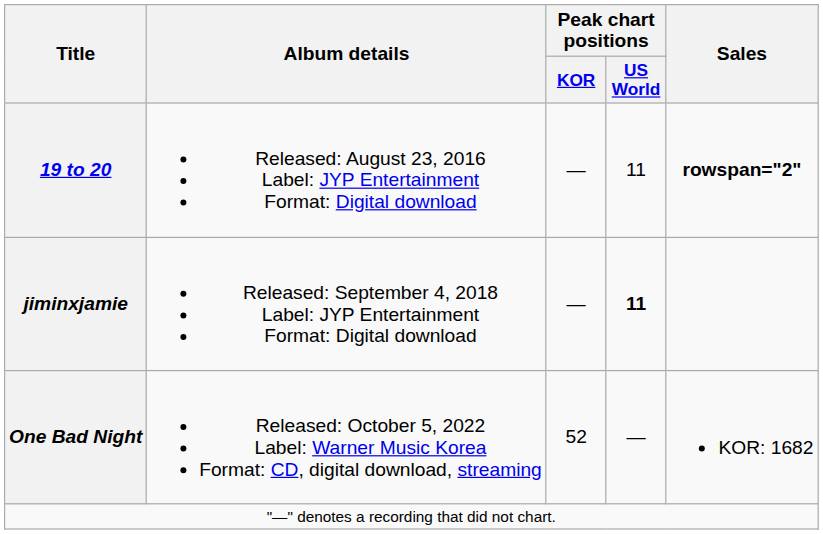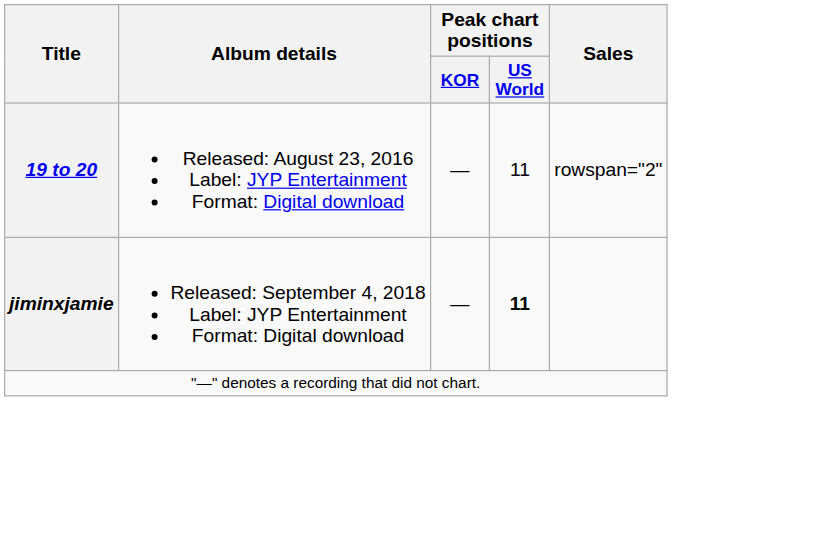 <table class="wikitable plainrowheaders" style="text-align:center;">
 <tr>
 <th scope="col" rowspan="2">Title</th>
 <th scope="col" rowspan="2">Album details</th>
 <th colspan="2" scope="col" style="width:5em;">Peak chart positions</th>
 <th scope="col" rowspan="2">Sales</th>
 </tr>
 <tr>
 <th scope="col" style="width:3em;font-size:90%;"><a href='#'>KOR</a><br></th>
 <th scope="col" style="width:3em;font-size:90%;"><a href='#'>US World</a><br></th>
 </tr>
 <tr>
 <th scope="row"><em><a href='#'>19 to 20</a></em></th>
 <td><br><ul><li>Released: August 23, 2016</li><li>Label: <a href='#'>JYP Entertainment</a></li><li>Format: <a href='#'>Digital download</a></li></ul></td>
 <td>—</td>
 <td>11</td>
-<td><strong>rowspan="2" </strong></td>
+<td>rowspan="2" </td>
 </tr>
 <tr>
 <th scope="row"><em>jiminxjamie</em></th>
 <td><br><ul><li>Released: September 4, 2018</li><li>Label: JYP Entertainment</li><li>Format: Digital download</li></ul></td>
 <td>—</td>
 <td><strong>11</strong></td>
 </tr>
 <tr>
-<th scope="row"><em>One Bad Night</em></th>
-<td><br><ul><li>Released: October 5, 2022</li><li>Label: <a href='#'>Warner Music Korea</a></li><li>Format: <a href='#'>CD</a>, digital download, <a href='#'>streaming</a></li></ul></td>
-<td>52</td>
-<td>—</td>
-<td><br><ul><li>KOR: 1682 </li></ul></td>
-</tr>
-<tr>
 <td colspan="5" style="font-size:80%">"—" denotes a recording that did not chart.</td>
 </tr>
 </table>
